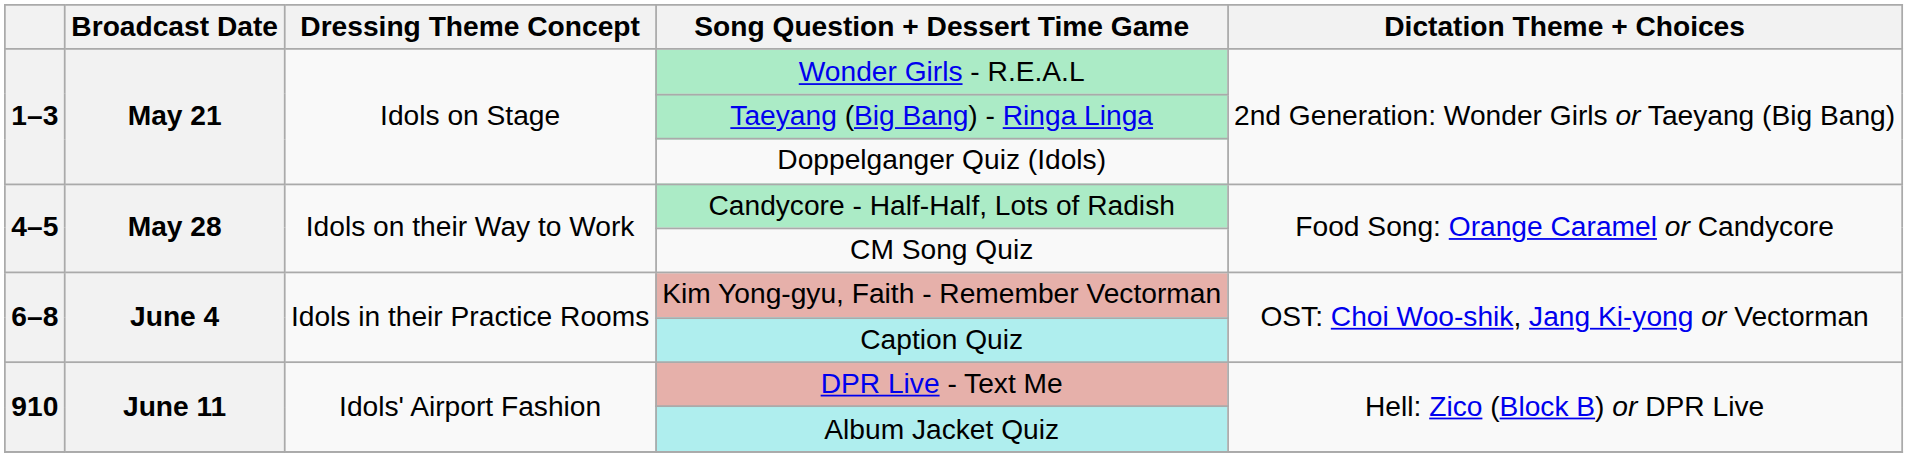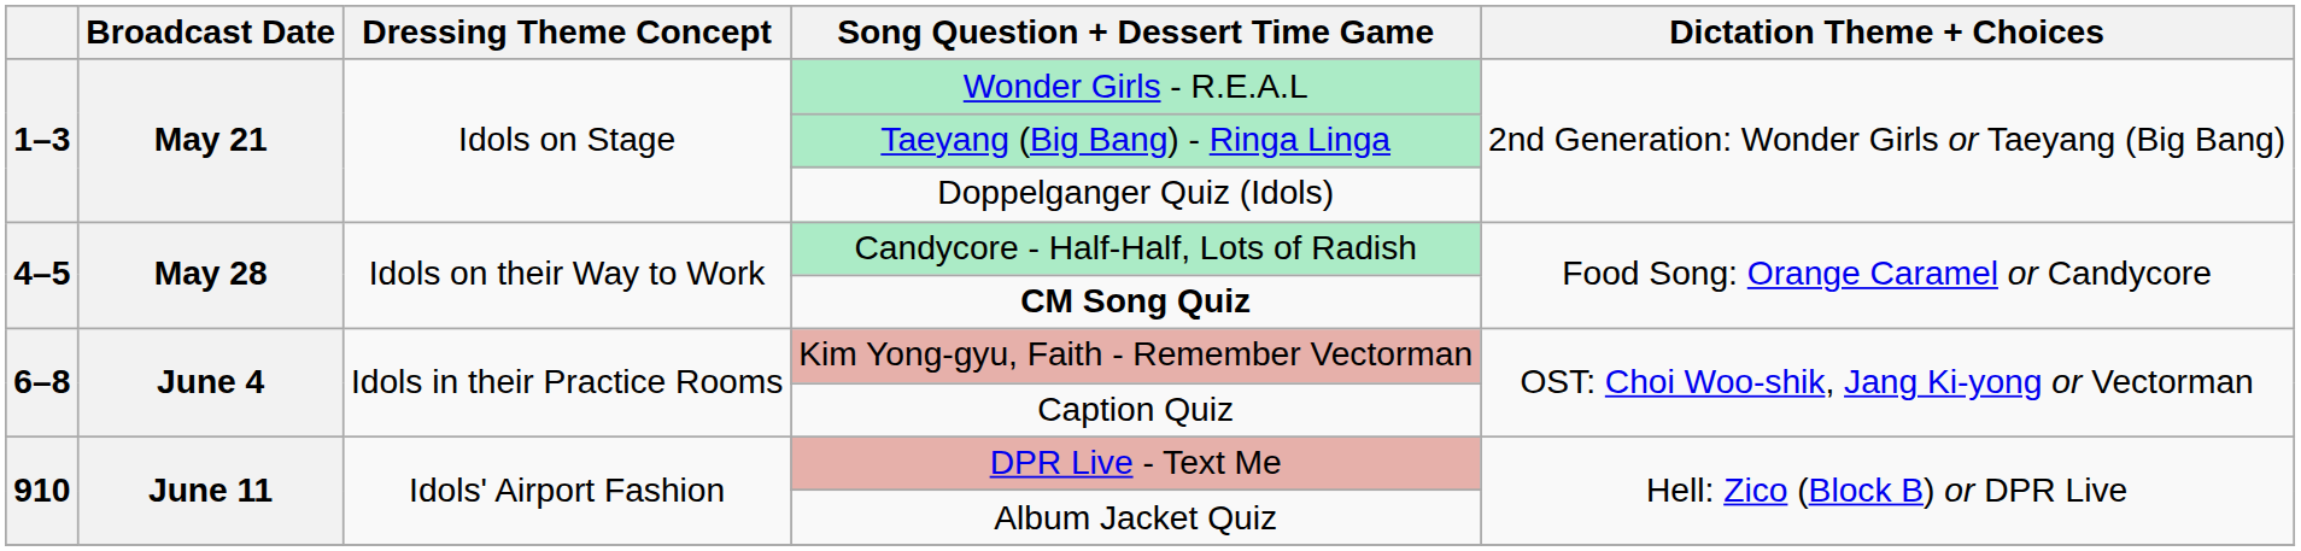 <table Class="wikitable" style="text-align:center">
 <tr>
 <th></th>
 <th>Broadcast Date</th>
 <th>Dressing Theme Concept</th>
 <th>Song Question + Dessert Time Game</th>
 <th>Dictation Theme + Choices</th>
 </tr>
 <tr>
 <th rowspan="3">1–3</th>
 <th rowspan="3">May 21</th>
 <td rowspan="3">Idols on Stage</td>
 <td bgcolor="#ABEBC6"><a href='#'>Wonder Girls</a> - R.E.A.L</td>
 <td rowspan="3">2nd Generation: Wonder Girls <em>or</em> Taeyang (Big Bang)</td>
 </tr>
 <tr>
 <td bgcolor="#ABEBC6"><a href='#'>Taeyang</a> (<a href='#'>Big Bang</a>) - <a href='#'>Ringa Linga</a></td>
 </tr>
 <tr>
 <td>Doppelganger Quiz (Idols)</td>
 </tr>
 <tr>
 <th rowspan="2">4–5</th>
 <th rowspan="2">May 28</th>
 <td rowspan="2">Idols on their Way to Work</td>
 <td bgcolor="#ABEBC6">Candycore - Half-Half, Lots of Radish</td>
 <td rowspan="2">Food Song: <a href='#'>Orange Caramel</a> <em>or</em> Candycore</td>
 </tr>
 <tr>
-<td>CM Song Quiz</td>
+<td><strong>CM Song Quiz</strong></td>
 </tr>
 <tr>
 <th rowspan="2">6–8</th>
 <th rowspan="2">June 4</th>
 <td rowspan="2">Idols in their Practice Rooms</td>
 <td bgcolor="#E6B0AA">Kim Yong-gyu, Faith - Remember Vectorman</td>
 <td rowspan="2">OST: <a href='#'>Choi Woo-shik</a>, <a href='#'>Jang Ki-yong</a> <em>or</em> Vectorman</td>
 </tr>
 <tr>
-<td style="background: paleturquoise;">Caption Quiz</td>
+<td>Caption Quiz</td>
 </tr>
 <tr>
 <th rowspan="2">910</th>
 <th rowspan="2">June 11</th>
 <td rowspan="2">Idols' Airport Fashion</td>
 <td bgcolor="#E6B0AA"><a href='#'>DPR Live</a> - Text Me</td>
 <td rowspan="2">Hell: <a href='#'>Zico</a> (<a href='#'>Block B</a>) <em>or</em> DPR Live</td>
 </tr>
 <tr>
-<td style="background: paleturquoise;">Album Jacket Quiz</td>
+<td>Album Jacket Quiz</td>
 </tr>
 <tr>
 </tr>
 </table>
